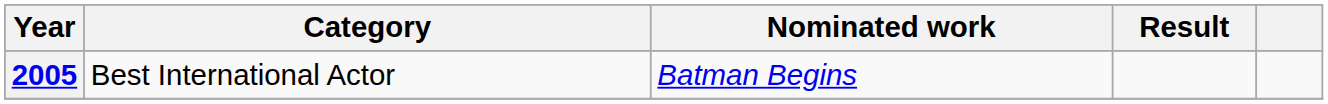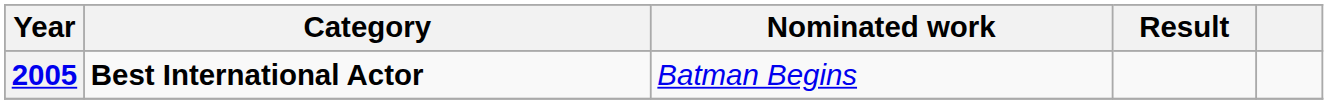 <table class="wikitable sortable">
 <tr>
 <th style="width:6%;" scope="col">Year</th>
 <th style="width:43%;" scope="col">Category</th>
 <th style="width:35%;" scope="col">Nominated work</th>
 <th style="width:11%;" scope="col">Result</th>
 <th style="width:5%;" scope="col" class="unsortable"></th>
 </tr>
 <tr>
 <th scope="row" style="text-align:center;"><a href='#'>2005</a></th>
-<td>Best International Actor</td>
+<td><strong>Best International Actor</strong></td>
 <td><em><a href='#'>Batman Begins</a></em></td>
 <td></td>
 <td style="text-align:center;"></td>
 </tr>
 <tr>
 </tr>
 </table>
